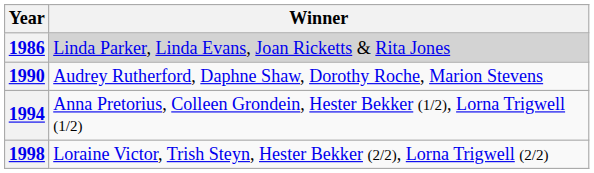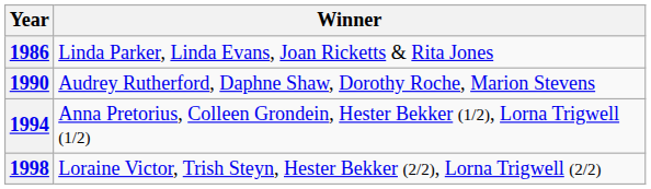 <table class="wikitable">
 <tr>
 <th>Year</th>
 <th Width=470>Winner</th>
 </tr>
 <tr>
 <th><a href='#'>1986</a></th>
-<td style="background: lightgrey;"> <a href='#'>Linda Parker</a>, <a href='#'>Linda Evans</a>, <a href='#'>Joan Ricketts</a> & <a href='#'>Rita Jones</a></td>
+<td> <a href='#'>Linda Parker</a>, <a href='#'>Linda Evans</a>, <a href='#'>Joan Ricketts</a> & <a href='#'>Rita Jones</a></td>
 </tr>
 <tr>
 <th><a href='#'>1990</a></th>
 <td> <a href='#'>Audrey Rutherford</a>, <a href='#'>Daphne Shaw</a>, <a href='#'>Dorothy Roche</a>, <a href='#'>Marion Stevens</a></td>
 </tr>
 <tr>
 <th><a href='#'>1994</a></th>
 <td> <a href='#'>Anna Pretorius</a>, <a href='#'>Colleen Grondein</a>, <a href='#'>Hester Bekker</a> <small>(1/2)</small>, <a href='#'>Lorna Trigwell</a> <small>(1/2)</small></td>
 </tr>
 <tr>
 <th><a href='#'>1998</a></th>
 <td> <a href='#'>Loraine Victor</a>, <a href='#'>Trish Steyn</a>, <a href='#'>Hester Bekker</a> <small>(2/2)</small>, <a href='#'>Lorna Trigwell</a> <small>(2/2)</small></td>
 </tr>
 </table>
